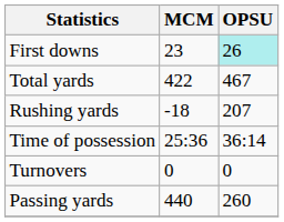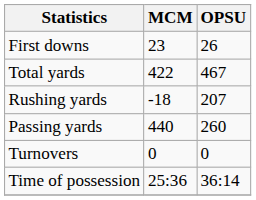 <table class="wikitable">
 <tr>
 <th>Statistics</th>
 <th>MCM</th>
 <th>OPSU</th>
 </tr>
 <tr>
 <td>First downs</td>
 <td>23</td>
-<td style="background: paleturquoise;">26</td>
+<td>26</td>
 </tr>
 <tr>
 <td>Total yards</td>
 <td>422</td>
 <td>467</td>
 </tr>
 <tr>
 <td>Rushing yards</td>
 <td>-18</td>
 <td>207</td>
 </tr>
 <tr>
-<td>Time of possession</td>
-<td>25:36</td>
-<td>36:14</td>
+<td>Passing yards</td>
+<td>440</td>
+<td>260</td>
 </tr>
 <tr>
 <td>Turnovers</td>
 <td>0</td>
 <td>0</td>
 </tr>
 <tr>
-<td>Passing yards</td>
-<td>440</td>
-<td>260</td>
+<td>Time of possession</td>
+<td>25:36</td>
+<td>36:14</td>
 </tr>
 <tr>
 </tr>
 </table>
